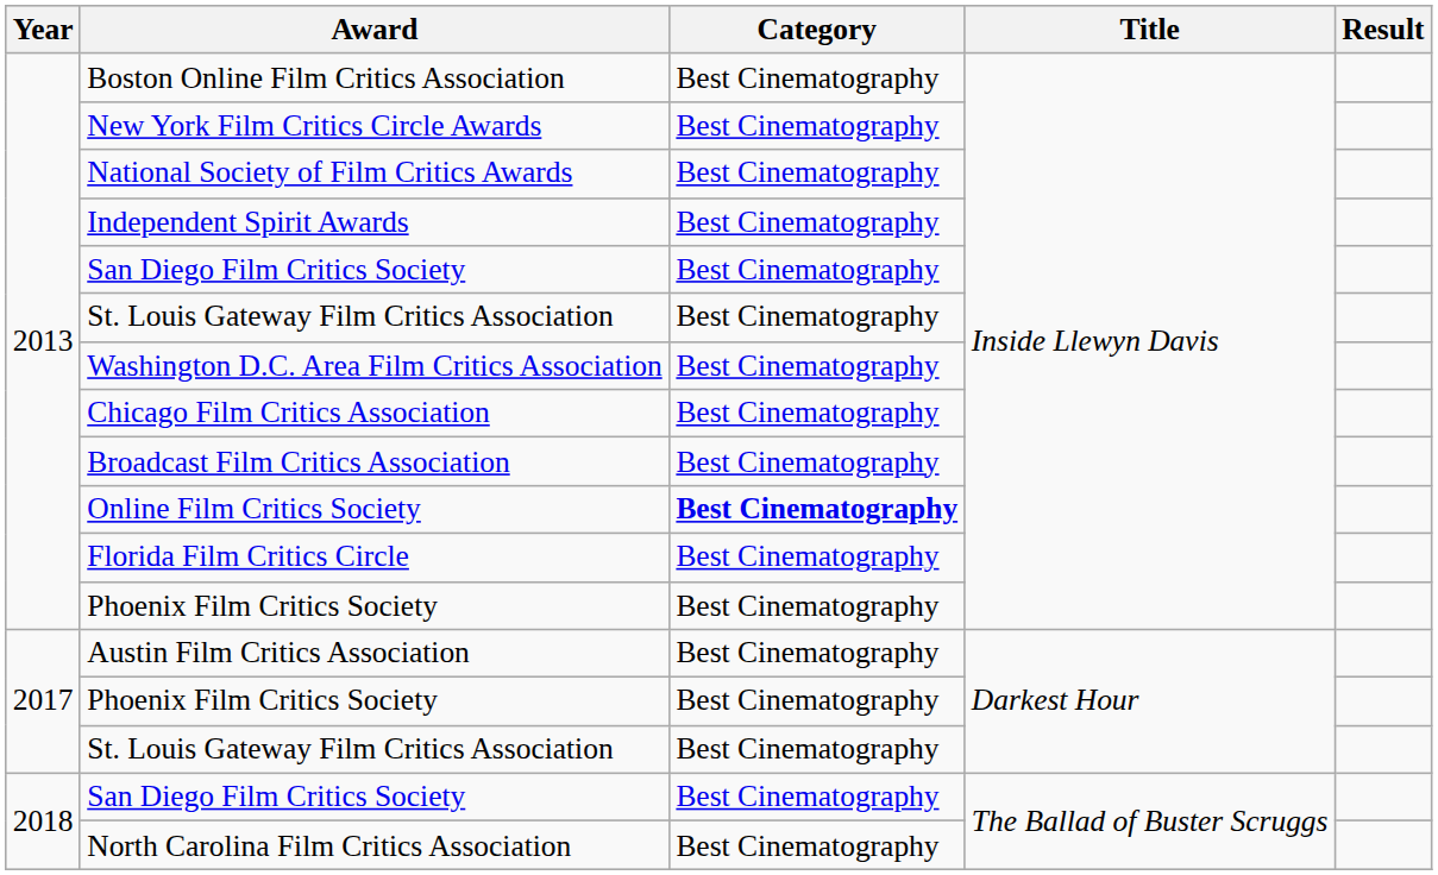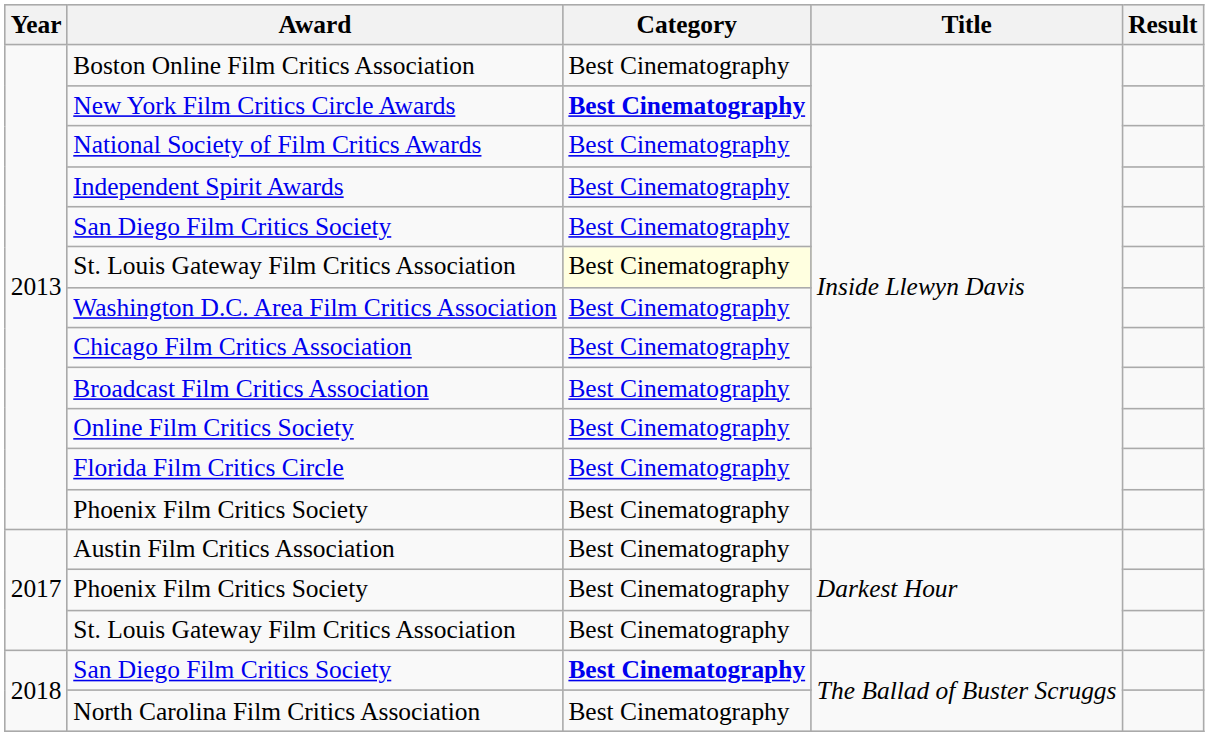 <table class="wikitable">
 <tr>
 <th>Year</th>
 <th>Award</th>
 <th>Category</th>
 <th>Title</th>
 <th>Result</th>
 </tr>
 <tr>
 <td rowspan=12>2013</td>
 <td>Boston Online Film Critics Association</td>
 <td>Best Cinematography</td>
 <td rowspan=12><em>Inside Llewyn Davis</em></td>
 <td></td>
 </tr>
 <tr>
 <td><a href='#'>New York Film Critics Circle Awards</a></td>
-<td><a href='#'>Best Cinematography</a></td>
+<td><strong><a href='#'>Best Cinematography</a></strong></td>
 <td></td>
 </tr>
 <tr>
 <td><a href='#'>National Society of Film Critics Awards</a></td>
 <td><a href='#'>Best Cinematography</a></td>
 <td></td>
 </tr>
 <tr>
 <td><a href='#'>Independent Spirit Awards</a></td>
 <td><a href='#'>Best Cinematography</a></td>
 <td></td>
 </tr>
 <tr>
 <td><a href='#'>San Diego Film Critics Society</a></td>
 <td><a href='#'>Best Cinematography</a></td>
 <td></td>
 </tr>
 <tr>
 <td>St. Louis Gateway Film Critics Association</td>
-<td>Best Cinematography</td>
+<td style="background: lightyellow;">Best Cinematography</td>
 <td></td>
 </tr>
 <tr>
 <td><a href='#'>Washington D.C. Area Film Critics Association</a></td>
 <td><a href='#'>Best Cinematography</a></td>
 <td></td>
 </tr>
 <tr>
 <td><a href='#'>Chicago Film Critics Association</a></td>
 <td><a href='#'>Best Cinematography</a></td>
 <td></td>
 </tr>
 <tr>
 <td><a href='#'>Broadcast Film Critics Association</a></td>
 <td><a href='#'>Best Cinematography</a></td>
 <td></td>
 </tr>
 <tr>
 <td><a href='#'>Online Film Critics Society</a></td>
-<td><strong><a href='#'>Best Cinematography</a></strong></td>
+<td><a href='#'>Best Cinematography</a></td>
 <td></td>
 </tr>
 <tr>
 <td><a href='#'>Florida Film Critics Circle</a></td>
 <td><a href='#'>Best Cinematography</a></td>
 <td></td>
 </tr>
 <tr>
 <td>Phoenix Film Critics Society</td>
 <td>Best Cinematography</td>
 <td></td>
 </tr>
 <tr>
 <td rowspan=3>2017</td>
 <td>Austin Film Critics Association</td>
 <td>Best Cinematography</td>
 <td rowspan=3><em>Darkest Hour</em></td>
 <td></td>
 </tr>
 <tr>
 <td>Phoenix Film Critics Society</td>
 <td>Best Cinematography</td>
 <td></td>
 </tr>
 <tr>
 <td>St. Louis Gateway Film Critics Association</td>
 <td>Best Cinematography</td>
 <td></td>
 </tr>
 <tr>
 <td rowspan=2>2018</td>
 <td><a href='#'>San Diego Film Critics Society</a></td>
-<td><a href='#'>Best Cinematography</a></td>
+<td><strong><a href='#'>Best Cinematography</a></strong></td>
 <td rowspan=2><em>The Ballad of Buster Scruggs</em></td>
 <td></td>
 </tr>
 <tr>
 <td>North Carolina Film Critics Association</td>
 <td>Best Cinematography</td>
 <td></td>
 </tr>
 <tr>
 </tr>
 </table>
